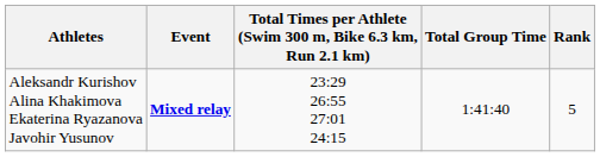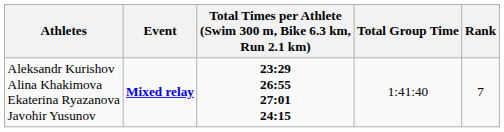 <table class=wikitable style=font-size:90%;text-align:center>
 <tr>
 <th>Athletes</th>
 <th>Event</th>
 <th>Total Times per Athlete<br>(Swim 300 m, Bike 6.3 km, <br> Run 2.1 km)</th>
 <th>Total Group Time</th>
 <th>Rank</th>
 </tr>
 <tr>
 <td align=left>Aleksandr Kurishov<br>Alina Khakimova<br>Ekaterina Ryazanova<br>Javohir Yusunov</td>
 <td align=left><strong><a href='#'>Mixed relay</a></strong></td>
-<td>23:29<br>26:55<br>27:01<br>24:15</td>
+<td><strong>23:29<br>26:55<br>27:01<br>24:15</strong></td>
 <td>1:41:40</td>
-<td>5</td>
+<td>7</td>
 </tr>
 </table>
